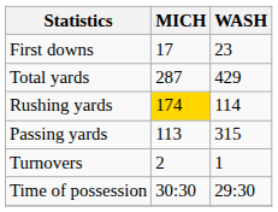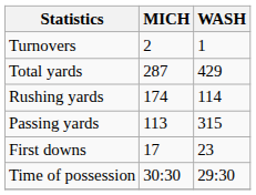 <table class="wikitable" style="float: left;">
 <tr>
 <th>Statistics</th>
 <th>MICH</th>
 <th>WASH</th>
 </tr>
 <tr>
-<td>First downs</td>
-<td>17</td>
-<td>23</td>
+<td>Turnovers</td>
+<td>2</td>
+<td>1</td>
 </tr>
 <tr>
 <td>Total yards</td>
 <td>287</td>
 <td>429</td>
 </tr>
 <tr>
 <td>Rushing yards</td>
-<td style="background: gold;">174</td>
+<td>174</td>
 <td>114</td>
 </tr>
 <tr>
 <td>Passing yards</td>
 <td>113</td>
 <td>315</td>
 </tr>
 <tr>
-<td>Turnovers</td>
-<td>2</td>
-<td>1</td>
+<td>First downs</td>
+<td>17</td>
+<td>23</td>
 </tr>
 <tr>
 <td>Time of possession</td>
 <td>30:30</td>
 <td>29:30</td>
 </tr>
 <tr>
 </tr>
 </table>
